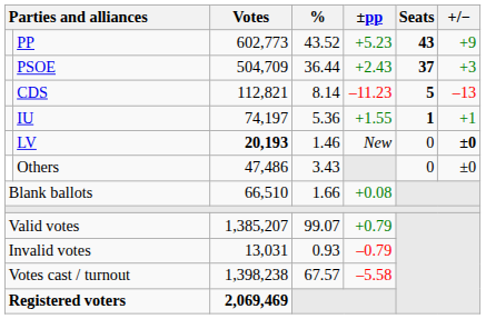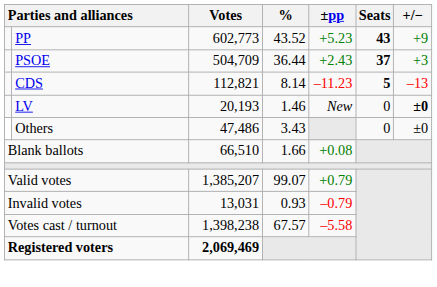 <table class="wikitable" style="text-align:right;">
 <tr>
 <th style="text-align:left;" colspan="2" width="200">Parties and alliances</th>
 <th width="75">Votes</th>
 <th width="45">%</th>
 <th width="45">±<a href='#'>pp</a></th>
 <th width="35">Seats</th>
 <th width="35">+/−</th>
 </tr>
 <tr>
 <td width="1" style="color:inherit;background:"></td>
 <td align="left"><a href='#'>PP</a></td>
 <td>602,773</td>
 <td>43.52</td>
 <td style="color:green;">+5.23</td>
 <td><strong>43</strong></td>
 <td style="color:green;">+9</td>
 </tr>
 <tr>
 <td style="color:inherit;background:"></td>
 <td align="left"><a href='#'>PSOE</a></td>
 <td>504,709</td>
 <td>36.44</td>
 <td style="color:green;">+2.43</td>
 <td><strong>37</strong></td>
 <td style="color:green;">+3</td>
 </tr>
 <tr>
 <td style="color:inherit;background:"></td>
 <td align="left"><a href='#'>CDS</a></td>
 <td>112,821</td>
 <td>8.14</td>
 <td style="color:red;">–11.23</td>
 <td><strong>5</strong></td>
 <td style="color:red;">–13</td>
 </tr>
 <tr>
 <td style="color:inherit;background:"></td>
-<td align="left"><a href='#'>IU</a></td>
-<td>74,197</td>
-<td>5.36</td>
-<td style="color:green;">+1.55</td>
-<td><strong>1</strong></td>
-<td style="color:green;">+1</td>
-</tr>
-<tr>
-<td style="color:inherit;background:"></td>
 <td align="left"><a href='#'>LV</a></td>
-<td><strong>20,193</strong></td>
+<td>20,193</td>
 <td>1.46</td>
 <td><em>New</em></td>
 <td>0</td>
 <td><strong>±0</strong></td>
 </tr>
 <tr>
 <td bgcolor="white"></td>
 <td align="left">Others</td>
 <td>47,486</td>
 <td>3.43</td>
 <td bgcolor="#E9E9E9"></td>
 <td>0</td>
 <td>±0</td>
 </tr>
 <tr>
 <td align="left" colspan="2">Blank ballots</td>
 <td>66,510</td>
 <td>1.66</td>
 <td style="color:green;">+0.08</td>
 <td bgcolor="#E9E9E9" colspan="2"></td>
 </tr>
 <tr>
 <td colspan="7" bgcolor="#E9E9E9"></td>
 </tr>
 <tr>
 <td align="left" colspan="2">Valid votes</td>
 <td>1,385,207</td>
 <td>99.07</td>
 <td style="color:green;">+0.79</td>
 <td bgcolor="#E9E9E9" colspan="2" rowspan="4"></td>
 </tr>
 <tr>
 <td align="left" colspan="2">Invalid votes</td>
 <td>13,031</td>
 <td>0.93</td>
 <td style="color:red;">–0.79</td>
 </tr>
 <tr>
 <td align="left" colspan="2">Votes cast / turnout</td>
 <td>1,398,238</td>
 <td>67.57</td>
 <td style="color:red;">–5.58</td>
 </tr>
 <tr style="font-weight:bold;">
 <td align="left" colspan="2">Registered voters</td>
 <td>2,069,469</td>
 <td bgcolor="#E9E9E9" colspan="2"></td>
 </tr>
 </table>
